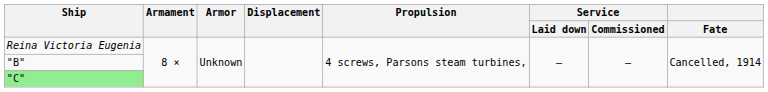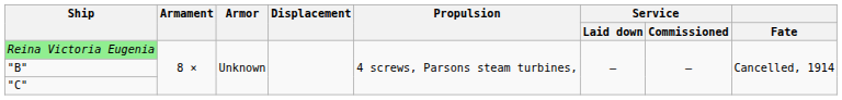 <table class="wikitable plainrowheaders" style="text-align: center;">
 <tr valign="top">
 <th scope="col" rowspan="2">Ship</th>
 <th scope="col" rowspan="2">Armament</th>
 <th scope="col" rowspan="2">Armor</th>
 <th scope="col" rowspan="2">Displacement</th>
 <th scope="col" rowspan="2">Propulsion</th>
 <th scope="col" colspan="2">Service</th>
 <th></th>
 </tr>
 <tr valign="top">
 <th scope="col">Laid down</th>
 <th scope="col">Commissioned</th>
 <th scope="col">Fate</th>
 </tr>
 <tr valign="center">
-<td align= left><em>Reina Victoria Eugenia</em></td>
+<td align= left style="background: lightgreen;"><em>Reina Victoria Eugenia</em></td>
 <td rowspan="3">8 × </td>
 <td rowspan="3">Unknown</td>
 <td rowspan="3"></td>
 <td rowspan="3">4 screws, Parsons steam turbines, </td>
 <td rowspan="3">—</td>
 <td rowspan="3">—</td>
 <td rowspan="3">Cancelled, 1914</td>
 </tr>
 <tr valign="top">
 <td align= left>"B"</td>
 </tr>
 <tr valign="top">
-<td align= left style="background: lightgreen;">"C"</td>
+<td align= left>"C"</td>
 </tr>
 </table>
